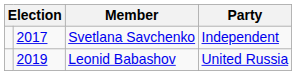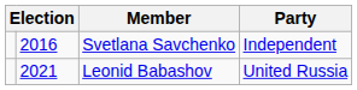 <table class="wikitable">
 <tr>
 <th colspan="2">Election</th>
 <th>Member</th>
 <th>Party</th>
 </tr>
 <tr>
 <td style="background-color:"></td>
-<td><a href='#'>2017</a></td>
+<td><a href='#'>2016</a></td>
 <td><a href='#'>Svetlana Savchenko</a></td>
 <td><a href='#'>Independent</a></td>
 </tr>
 <tr>
 <td style="background-color:"></td>
-<td><a href='#'>2019</a></td>
+<td><a href='#'>2021</a></td>
 <td><a href='#'>Leonid Babashov</a></td>
 <td><a href='#'>United Russia</a></td>
 </tr>
 </table>
